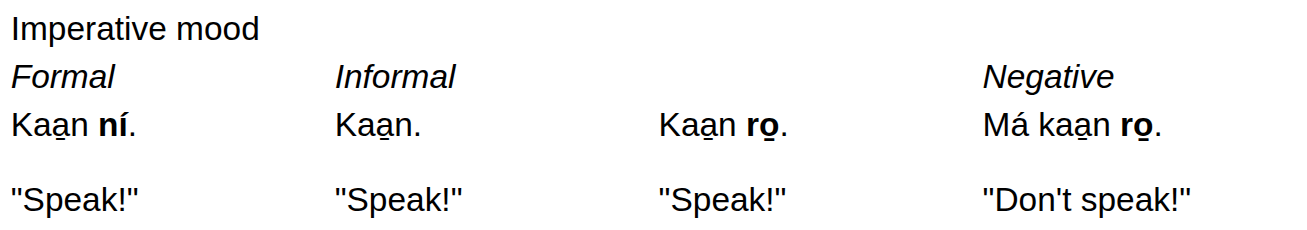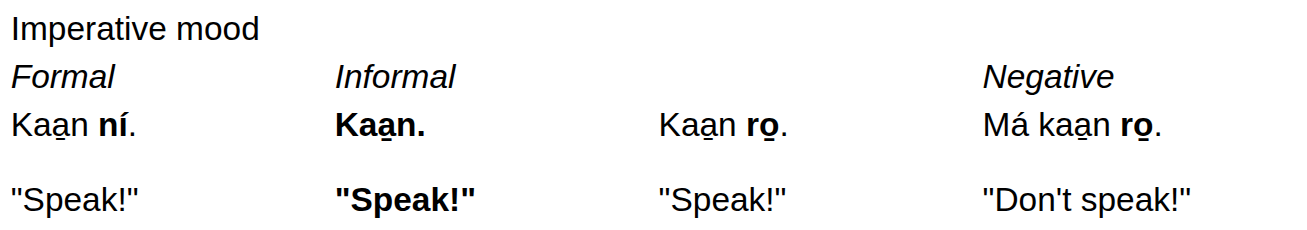 <table bgcolor=white align=top border=1 cellpadding=2 cellspacing=0 style="margin-left:1em; border: solid thin #ffffff; border-collapse: collapse;">
 <tr>
 <td colspan=4>Imperative mood</td>
 </tr>
 <tr>
 <td><em>Formal</em></td>
 <td colspan=2><em>Informal</em></td>
 <td><em>Negative</em></td>
 </tr>
 <tr>
 <td width=150px>Kaa̱n <strong>ní</strong>.<br><br>"Speak!"</td>
-<td width=150px>Kaa̱n. <br><br>"Speak!"</td>
+<td width=150px><strong>Kaa̱n. <br><br>"Speak!"</strong></td>
 <td width=150px>Kaa̱n <strong>ro̱</strong>.<br><br>"Speak!"</td>
 <td width=150px>Má kaa̱n <strong>ro̱</strong>.<br><br>"Don't speak!"</td>
 </tr>
 </table>
